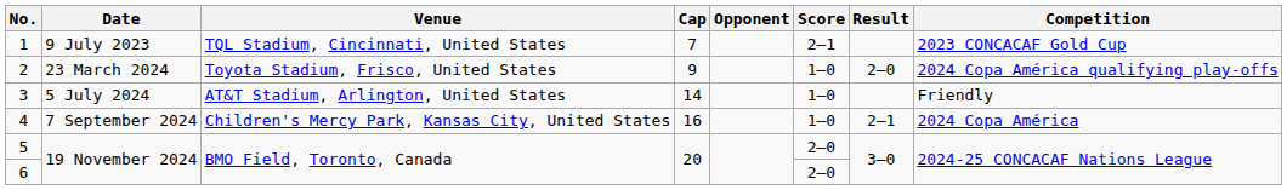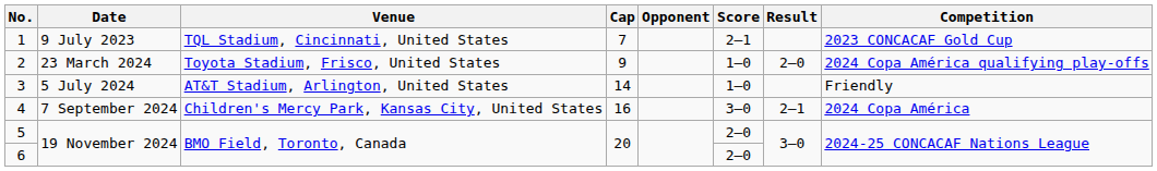 <table class="wikitable sortable">
 <tr>
 <th scope="col">No.</th>
 <th scope="col">Date</th>
 <th scope="col">Venue</th>
 <th scope="col">Cap</th>
 <th scope="col">Opponent</th>
 <th scope="col">Score</th>
 <th scope="col">Result</th>
 <th scope="col">Competition</th>
 </tr>
 <tr>
 <td align="center">1</td>
 <td>9 July 2023</td>
 <td><a href='#'>TQL Stadium</a>, <a href='#'>Cincinnati</a>, United States</td>
 <td align="center">7</td>
 <td></td>
 <td align="center">2–1</td>
 <td align="center"></td>
 <td><a href='#'>2023 CONCACAF Gold Cup</a></td>
 </tr>
 <tr>
 <td align="center">2</td>
 <td>23 March 2024</td>
 <td><a href='#'>Toyota Stadium</a>, <a href='#'>Frisco</a>, United States</td>
 <td align="center">9</td>
 <td></td>
 <td align="center">1–0</td>
 <td align="center">2–0</td>
 <td><a href='#'>2024 Copa América qualifying play-offs</a></td>
 </tr>
 <tr>
 <td align="center">3</td>
 <td>5 July 2024</td>
 <td><a href='#'>AT&T Stadium</a>, <a href='#'>Arlington</a>, United States</td>
 <td align="center">14</td>
 <td></td>
 <td align="center">1–0</td>
 <td align="center"></td>
 <td>Friendly</td>
 </tr>
 <tr>
 <td align="center">4</td>
 <td>7 September 2024</td>
 <td><a href='#'>Children's Mercy Park</a>, <a href='#'>Kansas City</a>, United States</td>
 <td align="center">16</td>
 <td></td>
-<td align="center">1–0</td>
+<td align="center">3–0</td>
 <td align="center">2–1</td>
 <td><a href='#'>2024 Copa América</a></td>
 </tr>
 <tr>
 <td align="center">5</td>
 <td rowspan=2>19 November 2024</td>
 <td rowspan=2><a href='#'>BMO Field</a>, <a href='#'>Toronto</a>, Canada</td>
 <td align="center" rowspan=2>20</td>
 <td rowspan=2></td>
 <td align="center">2–0</td>
 <td align="center" rowspan=2>3–0</td>
 <td rowspan=2><a href='#'>2024-25 CONCACAF Nations League</a></td>
 </tr>
 <tr>
 <td align="center">6</td>
 <td align="center">2–0</td>
 </tr>
 </table>
